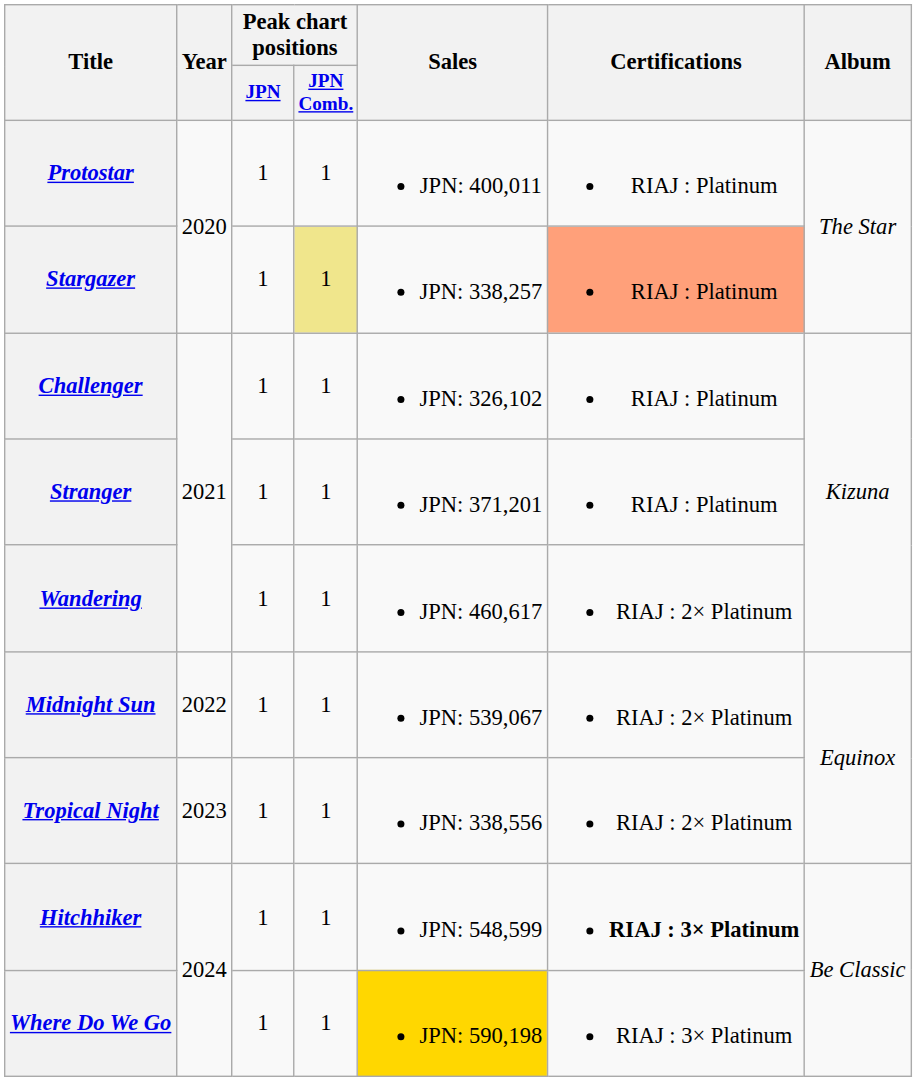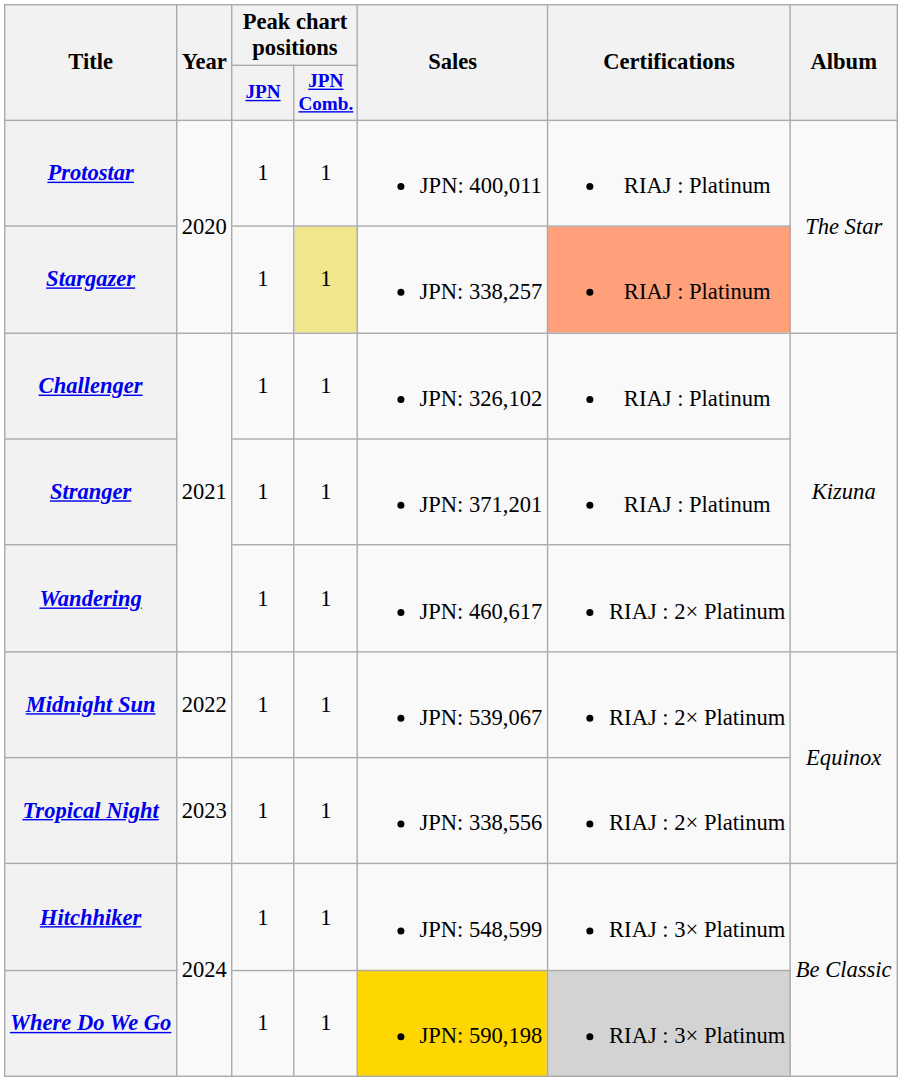 <table class="wikitable plainrowheaders" style="text-align:center;">
 <tr>
 <th scope="col" rowspan="2">Title</th>
 <th scope="col" rowspan="2">Year</th>
 <th scope="col" colspan="2">Peak chart positions</th>
 <th scope="col" rowspan="2">Sales</th>
 <th scope="col" rowspan="2">Certifications</th>
 <th scope="col" rowspan="2">Album</th>
 </tr>
 <tr>
 <th scope="col" style="width:2.75em;font-size:85%;"><a href='#'>JPN</a><br></th>
 <th scope="col" style="width:2.75em;font-size:85%;"><a href='#'>JPN<br>Comb.</a><br></th>
 </tr>
 <tr>
 <th scope="row"><a href='#'><em>Protostar</em></a></th>
 <td rowspan="2">2020</td>
 <td>1</td>
 <td>1</td>
 <td><br><ul><li>JPN: 400,011</li></ul></td>
 <td><br><ul><li>RIAJ : Platinum</li></ul></td>
 <td rowspan="2"><em>The Star</em></td>
 </tr>
 <tr>
 <th scope="row"><a href='#'><em>Stargazer</em></a></th>
 <td>1</td>
 <td style="background: khaki;">1</td>
 <td><br><ul><li>JPN: 338,257</li></ul></td>
 <td style="background: lightsalmon;"><br><ul><li>RIAJ : Platinum</li></ul></td>
 </tr>
 <tr>
 <th scope="row"><em><a href='#'>Challenger</a></em></th>
 <td rowspan="3">2021</td>
 <td>1</td>
 <td>1</td>
 <td><br><ul><li>JPN: 326,102</li></ul></td>
 <td><br><ul><li>RIAJ : Platinum</li></ul></td>
 <td rowspan="3"><em>Kizuna</em></td>
 </tr>
 <tr>
 <th scope="row"><em><a href='#'>Stranger</a></em></th>
 <td>1</td>
 <td>1</td>
 <td><br><ul><li>JPN: 371,201</li></ul></td>
 <td><br><ul><li>RIAJ : Platinum</li></ul></td>
 </tr>
 <tr>
 <th scope="row"><em><a href='#'>Wandering</a></em></th>
 <td>1</td>
 <td>1</td>
 <td><br><ul><li>JPN: 460,617</li></ul></td>
 <td><br><ul><li>RIAJ : 2× Platinum</li></ul></td>
 </tr>
 <tr>
 <th scope="row"><a href='#'><em>Midnight Sun</em></a></th>
 <td>2022</td>
 <td>1</td>
 <td>1</td>
 <td><br><ul><li>JPN: 539,067</li></ul></td>
 <td><br><ul><li>RIAJ : 2× Platinum</li></ul></td>
 <td rowspan=2><em>Equinox</em></td>
 </tr>
 <tr>
 <th scope="row"><a href='#'><em>Tropical Night</em></a></th>
 <td>2023</td>
 <td>1</td>
 <td>1</td>
 <td><br><ul><li>JPN: 338,556</li></ul></td>
 <td><br><ul><li>RIAJ : 2× Platinum</li></ul></td>
 </tr>
 <tr>
 <th scope="row"><a href='#'><em>Hitchhiker</em></a></th>
 <td rowspan=2>2024</td>
 <td>1</td>
 <td>1</td>
 <td><br><ul><li>JPN: 548,599</li></ul></td>
-<td><strong><br><ul><li>RIAJ : 3× Platinum</li></ul></strong></td>
+<td><br><ul><li>RIAJ : 3× Platinum</li></ul></td>
 <td rowspan=2><em>Be Classic</em></td>
 </tr>
 <tr>
 <th scope="row"><a href='#'><em>Where Do We Go</em></a></th>
 <td>1</td>
 <td>1</td>
 <td style="background: gold;"><br><ul><li>JPN: 590,198</li></ul></td>
-<td><br><ul><li>RIAJ : 3× Platinum</li></ul></td>
+<td style="background: lightgrey;"><br><ul><li>RIAJ : 3× Platinum</li></ul></td>
 </tr>
 </table>
